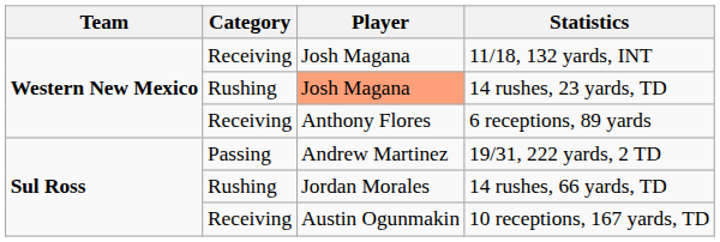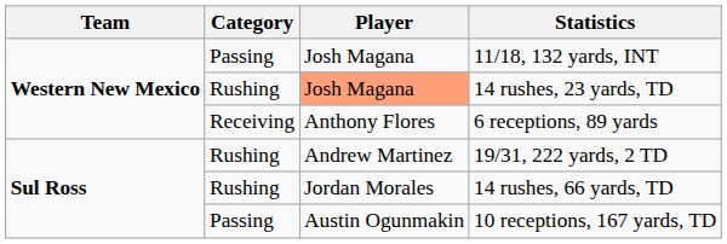 <table class="wikitable" style="float: right;">
 <tr>
 <th>Team</th>
 <th>Category</th>
 <th>Player</th>
 <th>Statistics</th>
 </tr>
 <tr>
 <td rowspan=3><strong>Western New Mexico</strong></td>
-<td>Receiving</td>
+<td>Passing</td>
 <td>Josh Magana</td>
 <td>11/18, 132 yards, INT</td>
 </tr>
 <tr>
 <td>Rushing</td>
 <td style="background: lightsalmon;">Josh Magana</td>
 <td>14 rushes, 23 yards, TD</td>
 </tr>
 <tr>
 <td>Receiving</td>
 <td>Anthony Flores</td>
 <td>6 receptions, 89 yards</td>
 </tr>
 <tr>
 <td rowspan=3><strong>Sul Ross</strong></td>
-<td>Passing</td>
+<td>Rushing</td>
 <td>Andrew Martinez</td>
 <td>19/31, 222 yards, 2 TD</td>
 </tr>
 <tr>
 <td>Rushing</td>
 <td>Jordan Morales</td>
 <td>14 rushes, 66 yards, TD</td>
 </tr>
 <tr>
-<td>Receiving</td>
+<td>Passing</td>
 <td>Austin Ogunmakin</td>
 <td>10 receptions, 167 yards, TD</td>
 </tr>
 </table>
